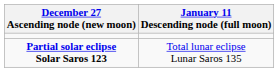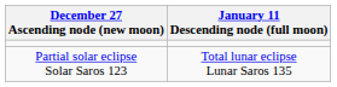 <table class="wikitable">
 <tr>
 <th><a href='#'>December 27</a><br>Ascending node (new moon)<br></th>
 <th><a href='#'>January 11</a><br>Descending node (full moon)<br></th>
 </tr>
 <tr>
 <td></td>
 <td></td>
 </tr>
 <tr align=center>
-<td><strong><a href='#'>Partial solar eclipse</a><br>Solar Saros 123</strong></td>
+<td><a href='#'>Partial solar eclipse</a><br>Solar Saros 123</td>
 <td><a href='#'>Total lunar eclipse</a><br>Lunar Saros 135</td>
 </tr>
 </table>
